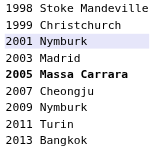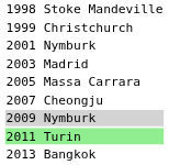 <table>
 <tr>
 <td>1998 Stoke Mandeville</td>
 <td></td>
 <td></td>
 <td></td>
 </tr>
 <tr>
 <td>1999 Christchurch</td>
 <td></td>
 <td></td>
 <td></td>
 </tr>
 <tr>
-<td style="background: lavender;">2001 Nymburk</td>
+<td>2001 Nymburk</td>
 <td></td>
 <td></td>
 <td></td>
 </tr>
 <tr>
 <td>2003 Madrid</td>
 <td></td>
 <td></td>
 <td></td>
 </tr>
 <tr>
-<td><strong>2005 Massa Carrara</strong></td>
+<td>2005 Massa Carrara</td>
 <td></td>
 <td></td>
 <td></td>
 </tr>
 <tr>
 <td>2007 Cheongju</td>
 <td></td>
 <td></td>
 <td></td>
 </tr>
 <tr>
-<td>2009 Nymburk</td>
+<td style="background: lightgrey;">2009 Nymburk</td>
 <td></td>
 <td></td>
 <td></td>
 </tr>
 <tr>
-<td>2011 Turin</td>
+<td style="background: lightgreen;">2011 Turin</td>
 <td></td>
 <td></td>
 <td></td>
 </tr>
 <tr>
 <td>2013 Bangkok</td>
 <td></td>
 <td></td>
 <td></td>
 </tr>
 </table>
